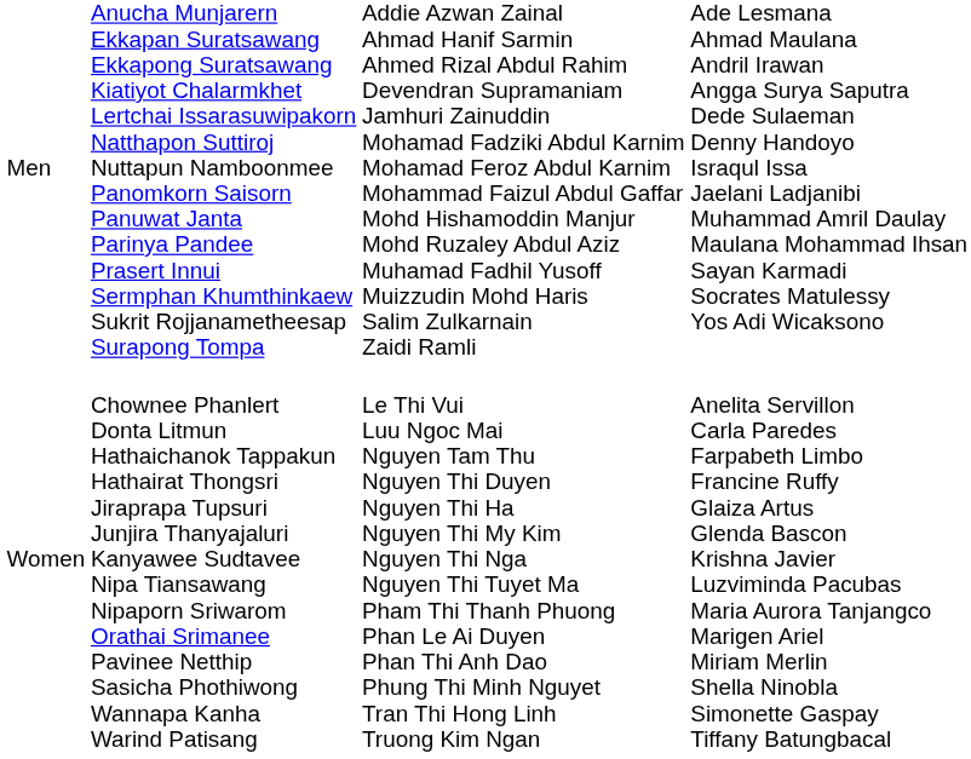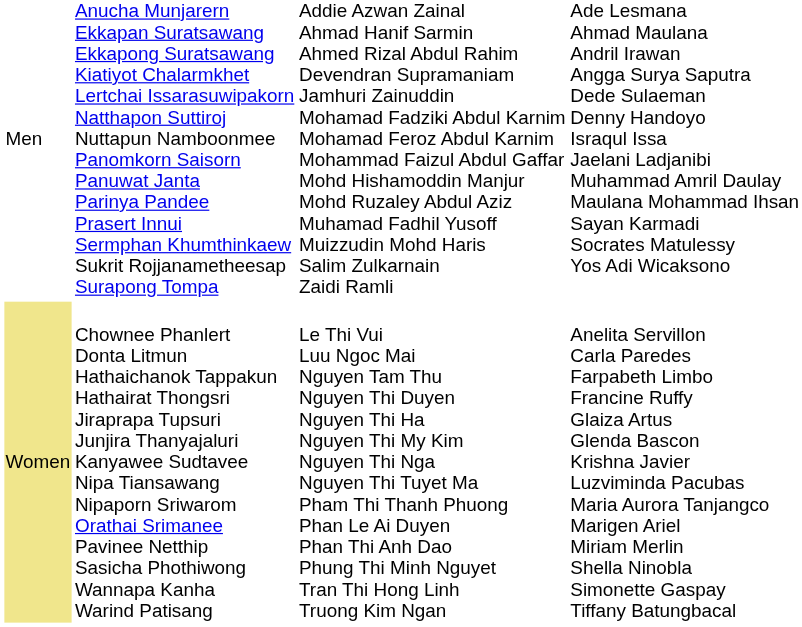 <table>
 <tr>
 <td>Men</td>
 <td nowrap=true><br><a href='#'>Anucha Munjarern</a><br><a href='#'>Ekkapan Suratsawang</a><br><a href='#'>Ekkapong Suratsawang</a><br><a href='#'>Kiatiyot Chalarmkhet</a><br><a href='#'>Lertchai Issarasuwipakorn</a><br><a href='#'>Natthapon Suttiroj</a><br>Nuttapun Namboonmee<br><a href='#'>Panomkorn Saisorn</a><br><a href='#'>Panuwat Janta</a><br><a href='#'>Parinya Pandee</a><br><a href='#'>Prasert Innui</a><br><a href='#'>Sermphan Khumthinkaew</a><br>Sukrit Rojjanametheesap<br><a href='#'>Surapong Tompa</a></td>
 <td nowrap=true><br>Addie Azwan Zainal<br>Ahmad Hanif Sarmin<br>Ahmed Rizal Abdul Rahim<br>Devendran Supramaniam<br>Jamhuri Zainuddin<br>Mohamad Fadziki Abdul Karnim<br>Mohamad Feroz Abdul Karnim<br>Mohammad Faizul Abdul Gaffar<br>Mohd Hishamoddin Manjur<br>Mohd Ruzaley Abdul Aziz<br>Muhamad Fadhil Yusoff<br>Muizzudin Mohd Haris<br>Salim Zulkarnain<br>Zaidi Ramli</td>
 <td nowrap=true valign=top><br>Ade Lesmana<br>Ahmad Maulana<br>Andril Irawan<br>Angga Surya Saputra<br>Dede Sulaeman<br>Denny Handoyo<br>Israqul Issa<br>Jaelani Ladjanibi<br>Muhammad Amril Daulay<br>Maulana Mohammad Ihsan<br>Sayan Karmadi<br>Socrates Matulessy<br>Yos Adi Wicaksono</td>
 </tr>
 <tr>
-<td>Women</td>
+<td style="background: khaki;">Women</td>
 <td><br>Chownee Phanlert<br>Donta Litmun<br>Hathaichanok Tappakun<br>Hathairat Thongsri<br>Jiraprapa Tupsuri<br>Junjira Thanyajaluri<br>Kanyawee Sudtavee<br>Nipa Tiansawang<br>Nipaporn Sriwarom<br><a href='#'>Orathai Srimanee</a><br>Pavinee Netthip<br>Sasicha Phothiwong<br>Wannapa Kanha<br>Warind Patisang</td>
 <td><br>Le Thi Vui<br>Luu Ngoc Mai<br>Nguyen Tam Thu<br>Nguyen Thi Duyen<br>Nguyen Thi Ha<br>Nguyen Thi My Kim<br>Nguyen Thi Nga<br>Nguyen Thi Tuyet Ma<br>Pham Thi Thanh Phuong<br>Phan Le Ai Duyen<br>Phan Thi Anh Dao<br>Phung Thi Minh Nguyet<br>Tran Thi Hong Linh<br>Truong Kim Ngan</td>
 <td><br>Anelita Servillon<br>Carla Paredes<br>Farpabeth Limbo<br>Francine Ruffy<br>Glaiza Artus<br>Glenda Bascon<br>Krishna Javier<br>Luzviminda Pacubas<br>Maria Aurora Tanjangco<br>Marigen Ariel<br>Miriam Merlin<br>Shella Ninobla<br>Simonette Gaspay<br>Tiffany Batungbacal</td>
 </tr>
 </table>
